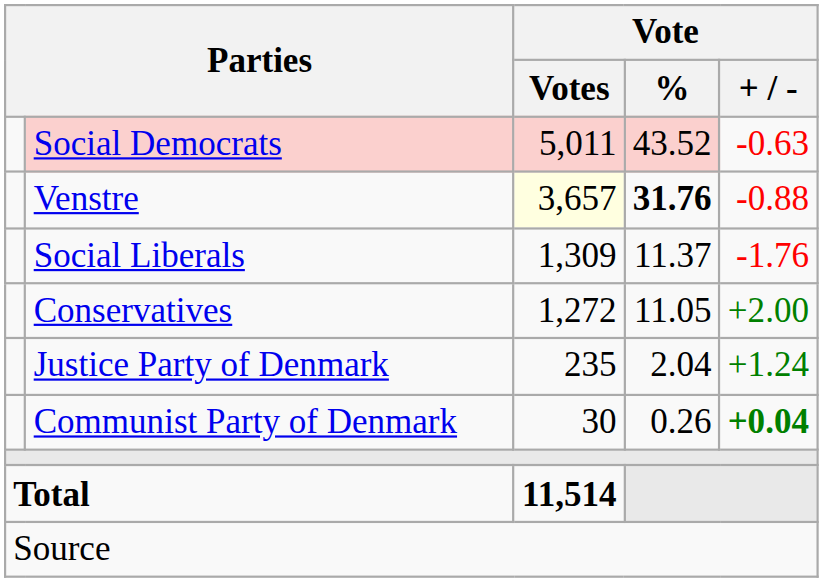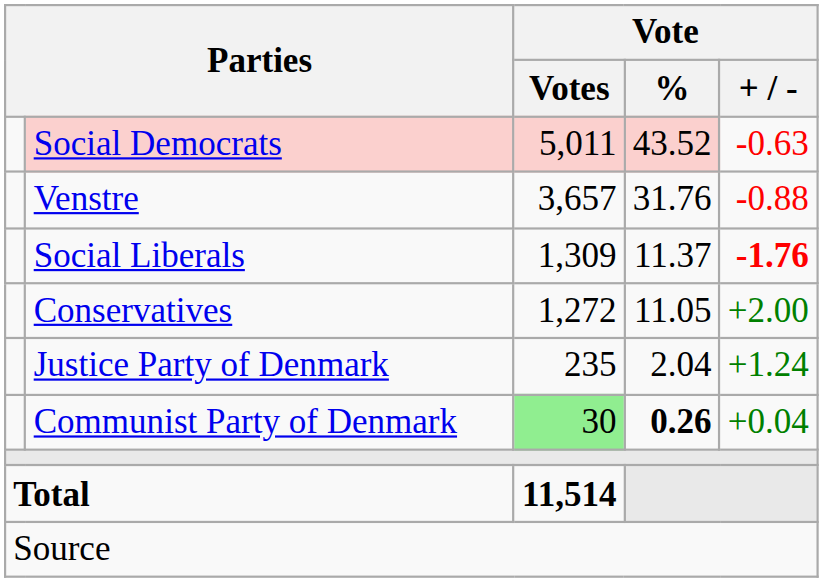 <table class="wikitable" style="text-align:right;">
 <tr>
 <th style="text-align:centre;" rowspan="2" colspan="2" width="225">Parties</th>
 <th colspan="3">Vote</th>
 </tr>
 <tr>
 <th width="15">Votes</th>
 <th width="15">%</th>
 <th width="15">+ / -</th>
 </tr>
 <tr>
 <td width="2" style="color:inherit;background:"></td>
 <td bgcolor=#fbd0ce  align="left"><a href='#'>Social Democrats</a></td>
 <td bgcolor=#fbd0ce>5,011</td>
 <td bgcolor=#fbd0ce>43.52</td>
 <td style=color:red;>-0.63</td>
 </tr>
 <tr>
 <td width="2" style="color:inherit;background:"></td>
 <td align="left"><a href='#'>Venstre</a></td>
-<td style="background: lightyellow;">3,657</td>
-<td><strong>31.76</strong></td>
+<td>3,657</td>
+<td>31.76</td>
 <td style=color:red;>-0.88</td>
 </tr>
 <tr>
 <td width="2" style="color:inherit;background:"></td>
 <td align="left"><a href='#'>Social Liberals</a></td>
 <td>1,309</td>
 <td>11.37</td>
-<td style=color:red;>-1.76</td>
+<td style=color:red;><strong>-1.76</strong></td>
 </tr>
 <tr>
 <td width="2" style="color:inherit;background:"></td>
 <td align="left"><a href='#'>Conservatives</a></td>
 <td>1,272</td>
 <td>11.05</td>
 <td style=color:green;>+2.00</td>
 </tr>
 <tr>
 <td width="2" style="color:inherit;background:"></td>
 <td align="left"><a href='#'>Justice Party of Denmark</a></td>
 <td>235</td>
 <td>2.04</td>
 <td style=color:green;>+1.24</td>
 </tr>
 <tr>
 <td width="2" style="color:inherit;background:"></td>
 <td align="left"><a href='#'>Communist Party of Denmark</a></td>
-<td>30</td>
-<td>0.26</td>
-<td style=color:green;><strong>+0.04</strong></td>
+<td style="background: lightgreen;">30</td>
+<td><strong>0.26</strong></td>
+<td style=color:green;>+0.04</td>
 </tr>
 <tr>
 <td colspan="7" bgcolor="#E9E9E9"></td>
 </tr>
 <tr>
 <td align="left" colspan="2"><strong>Total</strong></td>
 <td><strong>11,514</strong></td>
 <td bgcolor="#E9E9E9" colspan="2"></td>
 </tr>
 <tr>
 <td align="left" colspan="6">Source</td>
 </tr>
 </table>
